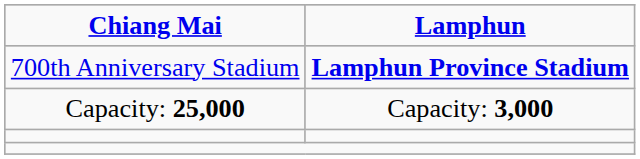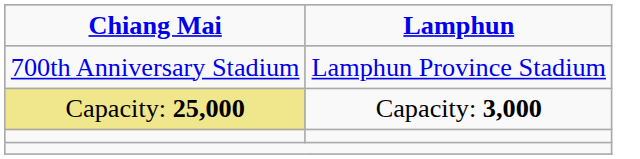 <table class="wikitable" style="text-align:center">
 <tr>
 <td><strong><a href='#'>Chiang Mai</a></strong></td>
 <td><strong><a href='#'>Lamphun</a></strong></td>
 </tr>
 <tr>
 <td><a href='#'>700th Anniversary Stadium</a></td>
-<td><strong><a href='#'>Lamphun Province Stadium</a></strong></td>
+<td><a href='#'>Lamphun Province Stadium</a></td>
 </tr>
 <tr>
-<td>Capacity: <strong>25,000</strong></td>
+<td style="background: khaki;">Capacity: <strong>25,000</strong></td>
 <td>Capacity: <strong>3,000</strong></td>
 </tr>
 <tr>
 <td></td>
 <td></td>
 </tr>
 <tr>
 <td rowspan=2 colspan=3></td>
 </tr>
 </table>
